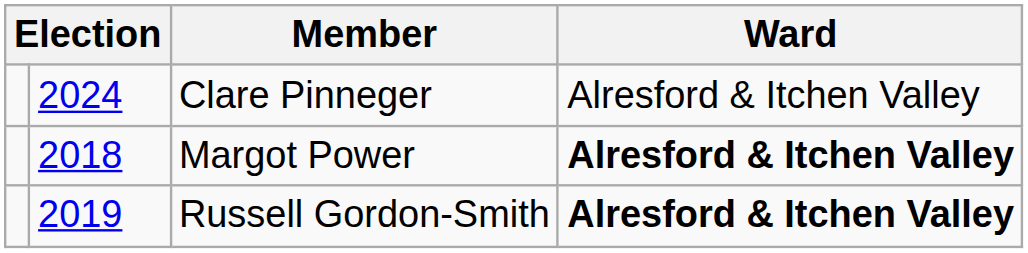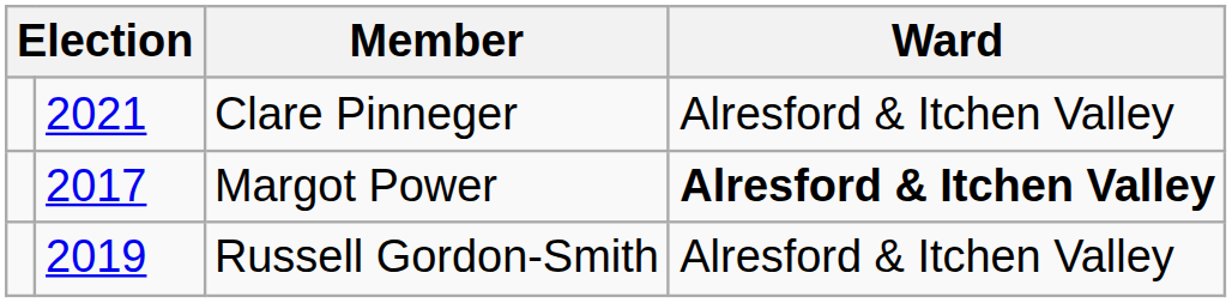 <table class="wikitable">
 <tr>
 <th colspan="2">Election</th>
 <th>Member</th>
 <th>Ward</th>
 </tr>
 <tr>
 <td style="background-color: "></td>
-<td><a href='#'>2024</a></td>
+<td><a href='#'>2021</a></td>
 <td>Clare Pinneger</td>
 <td>Alresford & Itchen Valley</td>
 </tr>
 <tr>
 <td style="background-color: "></td>
-<td><a href='#'>2018</a></td>
+<td><a href='#'>2017</a></td>
 <td>Margot Power</td>
 <td><strong>Alresford & Itchen Valley</strong></td>
 </tr>
 <tr>
 <td style="background-color: "></td>
 <td><a href='#'>2019</a></td>
 <td>Russell Gordon-Smith</td>
-<td><strong>Alresford & Itchen Valley</strong></td>
+<td>Alresford & Itchen Valley</td>
 </tr>
 </table>
